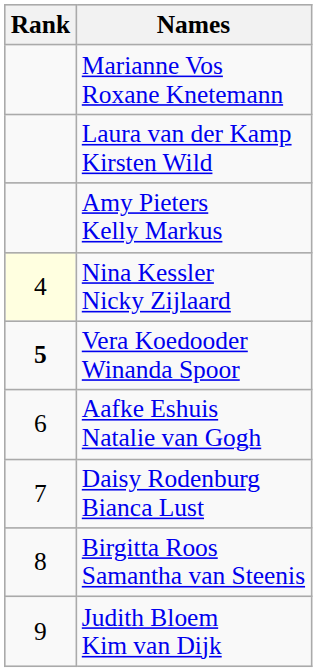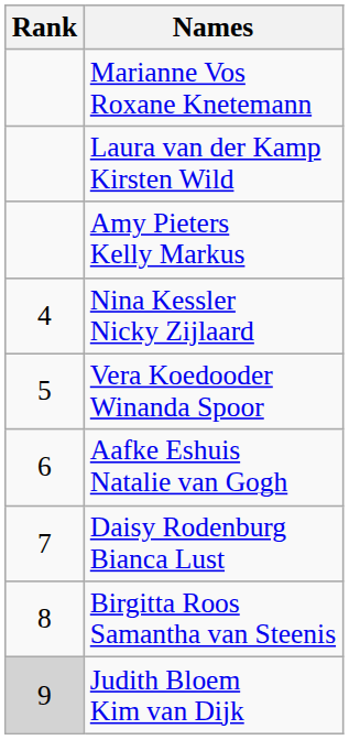 <table class="wikitable sortable" style="text-align:center">
 <tr>
 <th>Rank</th>
 <th>Names</th>
 </tr>
 <tr>
 <td></td>
 <td align=left><a href='#'>Marianne Vos</a><br><a href='#'>Roxane Knetemann</a></td>
 </tr>
 <tr>
 <td></td>
 <td align=left><a href='#'>Laura van der Kamp</a><br><a href='#'>Kirsten Wild</a></td>
 </tr>
 <tr>
 <td></td>
 <td align=left><a href='#'>Amy Pieters</a><br><a href='#'>Kelly Markus</a></td>
 </tr>
 <tr>
-<td style="background: lightyellow;">4</td>
+<td>4</td>
 <td align=left><a href='#'>Nina Kessler</a><br><a href='#'>Nicky Zijlaard</a></td>
 </tr>
 <tr>
-<td><strong>5</strong></td>
+<td>5</td>
 <td align=left><a href='#'>Vera Koedooder</a><br><a href='#'>Winanda Spoor</a></td>
 </tr>
 <tr>
 <td>6</td>
 <td align=left><a href='#'>Aafke Eshuis</a><br><a href='#'>Natalie van Gogh</a></td>
 </tr>
 <tr>
 <td>7</td>
 <td align=left><a href='#'>Daisy Rodenburg</a><br><a href='#'>Bianca Lust</a></td>
 </tr>
 <tr>
 <td>8</td>
 <td align=left><a href='#'>Birgitta Roos</a><br><a href='#'>Samantha van Steenis</a></td>
 </tr>
 <tr>
-<td>9</td>
+<td style="background: lightgrey;">9</td>
 <td align=left><a href='#'>Judith Bloem</a><br><a href='#'>Kim van Dijk</a></td>
 </tr>
 </table>
